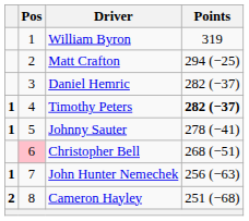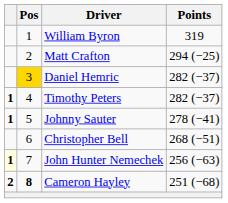 <table class="wikitable" style="font-size: 95%;">
 <tr>
 <th></th>
 <th>Pos</th>
 <th>Driver</th>
 <th>Points</th>
 </tr>
 <tr>
 <td align="left"></td>
 <td style="text-align:center;">1</td>
 <td><a href='#'>William Byron</a></td>
 <td style="text-align:center;">319</td>
 </tr>
 <tr>
 <td align="left"></td>
 <td style="text-align:center;">2</td>
 <td><a href='#'>Matt Crafton</a></td>
 <td style="text-align:center;">294 (−25)</td>
 </tr>
 <tr>
 <td align="left"></td>
-<td style="text-align:center;">3</td>
+<td style="background: gold; text-align:center;">3</td>
 <td><a href='#'>Daniel Hemric</a></td>
 <td style="text-align:center;">282 (−37)</td>
 </tr>
 <tr>
 <td align="left"> <strong>1</strong></td>
 <td style="text-align:center;">4</td>
 <td><a href='#'>Timothy Peters</a></td>
-<td style="text-align:center;"><strong>282 (−37)</strong></td>
+<td style="text-align:center;">282 (−37)</td>
 </tr>
 <tr>
 <td align="left"> <strong>1</strong></td>
 <td style="text-align:center;">5</td>
 <td><a href='#'>Johnny Sauter</a></td>
 <td style="text-align:center;">278 (−41)</td>
 </tr>
 <tr>
 <td align="left"></td>
-<td style="background: pink; text-align:center;">6</td>
+<td style="text-align:center;">6</td>
 <td><a href='#'>Christopher Bell</a></td>
 <td style="text-align:center;">268 (−51)</td>
 </tr>
 <tr>
-<td align="left"> <strong>1</strong></td>
+<td align="left" style="background: lightyellow;"> <strong>1</strong></td>
 <td style="text-align:center;">7</td>
 <td><a href='#'>John Hunter Nemechek</a></td>
 <td style="text-align:center;">256 (−63)</td>
 </tr>
 <tr>
 <td align="left"> <strong>2</strong></td>
-<td style="text-align:center;">8</td>
+<td style="text-align:center;"><strong>8</strong></td>
 <td><a href='#'>Cameron Hayley</a></td>
 <td style="text-align:center;">251 (−68)</td>
 </tr>
 <tr class="sortbottom">
 <th colspan="9"></th>
 </tr>
 </table>
